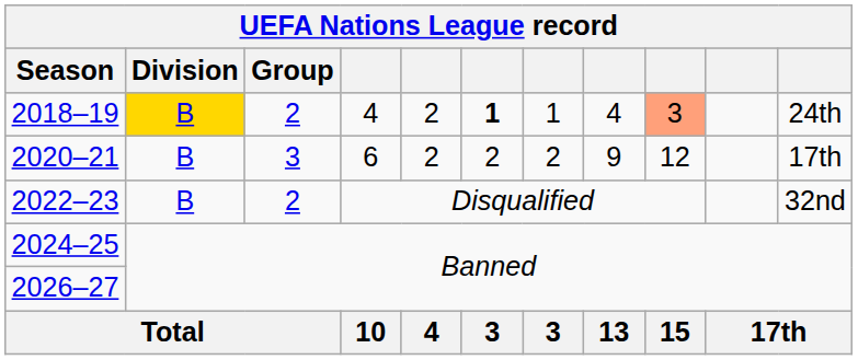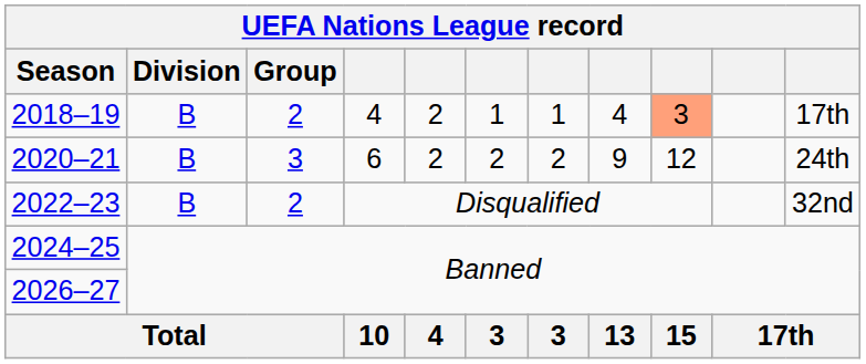 <table class="wikitable" style="text-align:center;">
 <tr>
 <th colspan=11><a href='#'>UEFA Nations League</a> record</th>
 </tr>
 <tr>
 <th>Season</th>
 <th>Division</th>
 <th>Group</th>
 <th width=28></th>
 <th width=28></th>
 <th width=28></th>
 <th width=28></th>
 <th width=28></th>
 <th width=28></th>
 <th width=35></th>
 <th width=28></th>
 </tr>
 <tr>
 <td><a href='#'>2018–19</a></td>
-<td style="background: gold;"><a href='#'>B</a></td>
+<td><a href='#'>B</a></td>
 <td><a href='#'>2</a></td>
 <td>4</td>
 <td>2</td>
-<td><strong>1</strong></td>
+<td>1</td>
 <td>1</td>
 <td>4</td>
 <td style="background: lightsalmon;">3</td>
 <td></td>
-<td>24th</td>
+<td>17th</td>
 </tr>
 <tr>
 <td><a href='#'>2020–21</a></td>
 <td><a href='#'>B</a></td>
 <td><a href='#'>3</a></td>
 <td>6</td>
 <td>2</td>
 <td>2</td>
 <td>2</td>
 <td>9</td>
 <td>12</td>
 <td></td>
-<td>17th</td>
+<td>24th</td>
 </tr>
 <tr>
 <td><a href='#'>2022–23</a></td>
 <td><a href='#'>B</a></td>
 <td><a href='#'>2</a></td>
 <td colspan=6><em>Disqualified</em></td>
 <td></td>
 <td>32nd</td>
 </tr>
 <tr>
 <td><a href='#'>2024–25</a></td>
 <td colspan=10 rowspan=2><em>Banned</em></td>
 </tr>
 <tr>
 <td><a href='#'>2026–27</a></td>
 </tr>
 <tr>
 <th colspan=3>Total</th>
 <th>10</th>
 <th>4</th>
 <th>3</th>
 <th>3</th>
 <th>13</th>
 <th>15</th>
 <th colspan=2>17th</th>
 </tr>
 </table>
